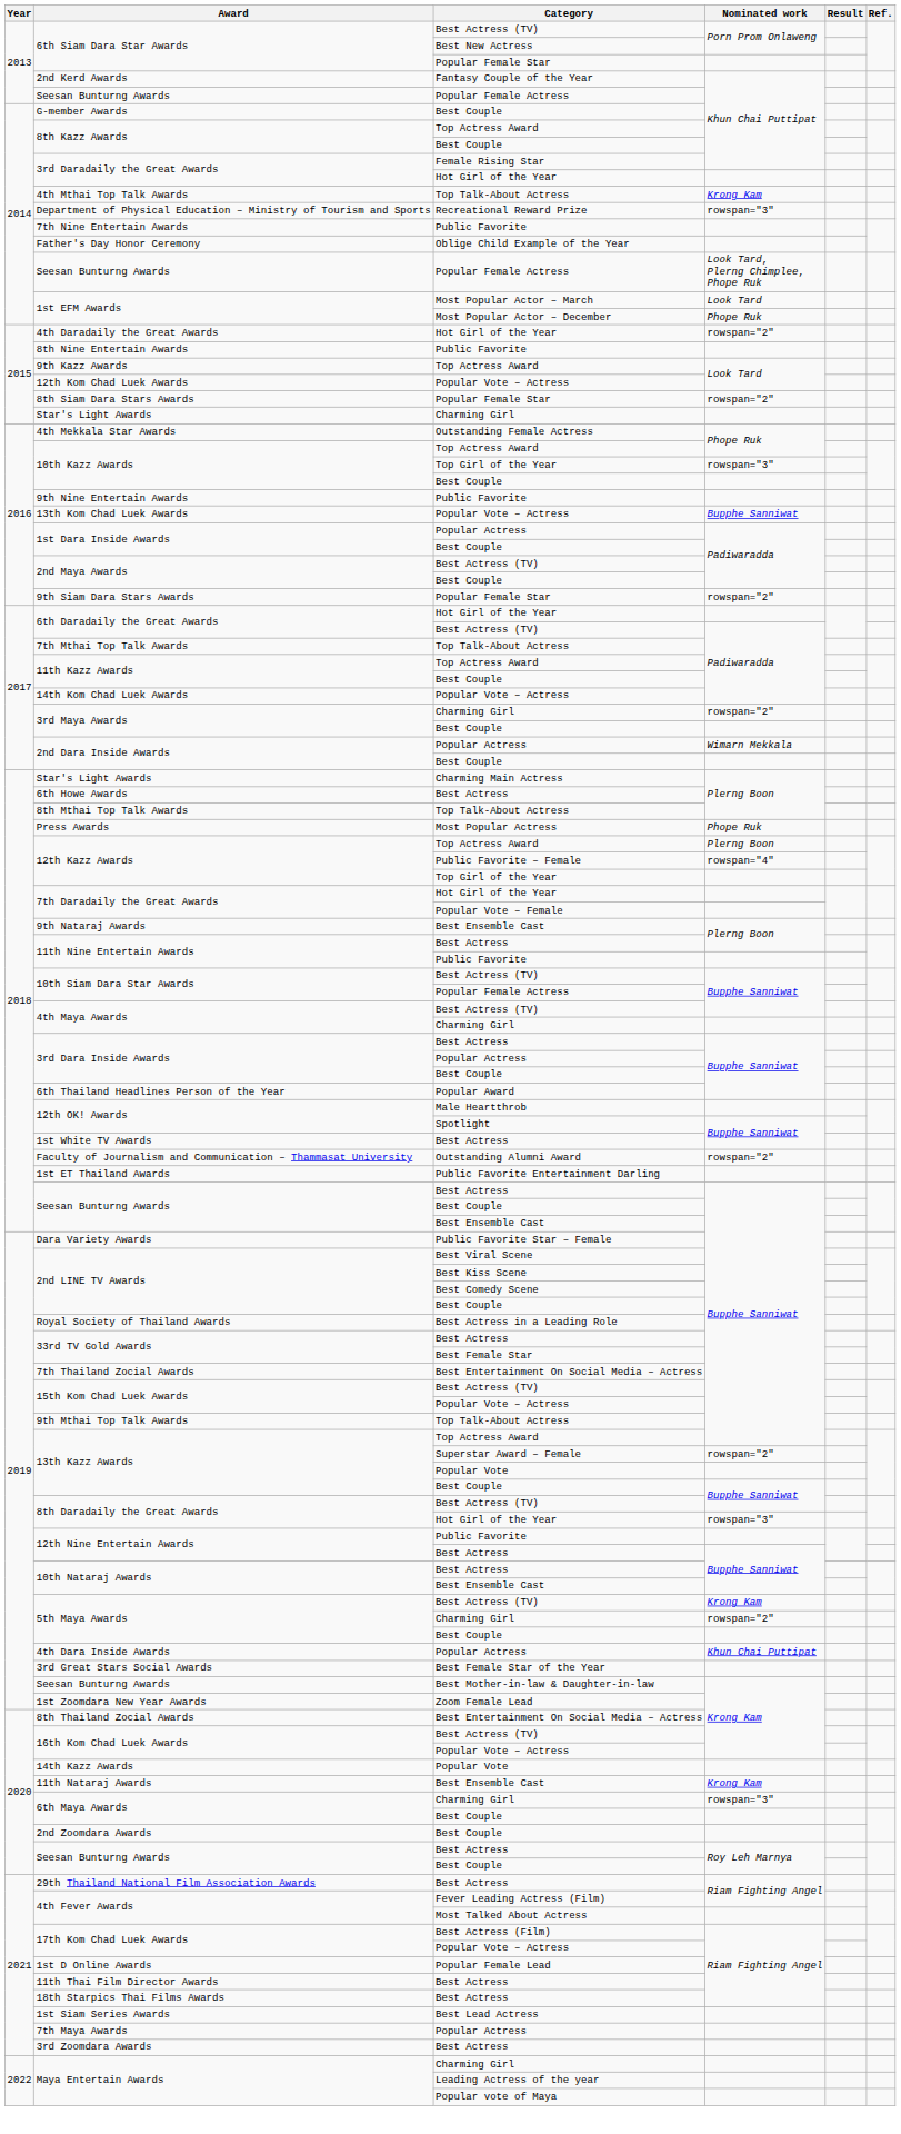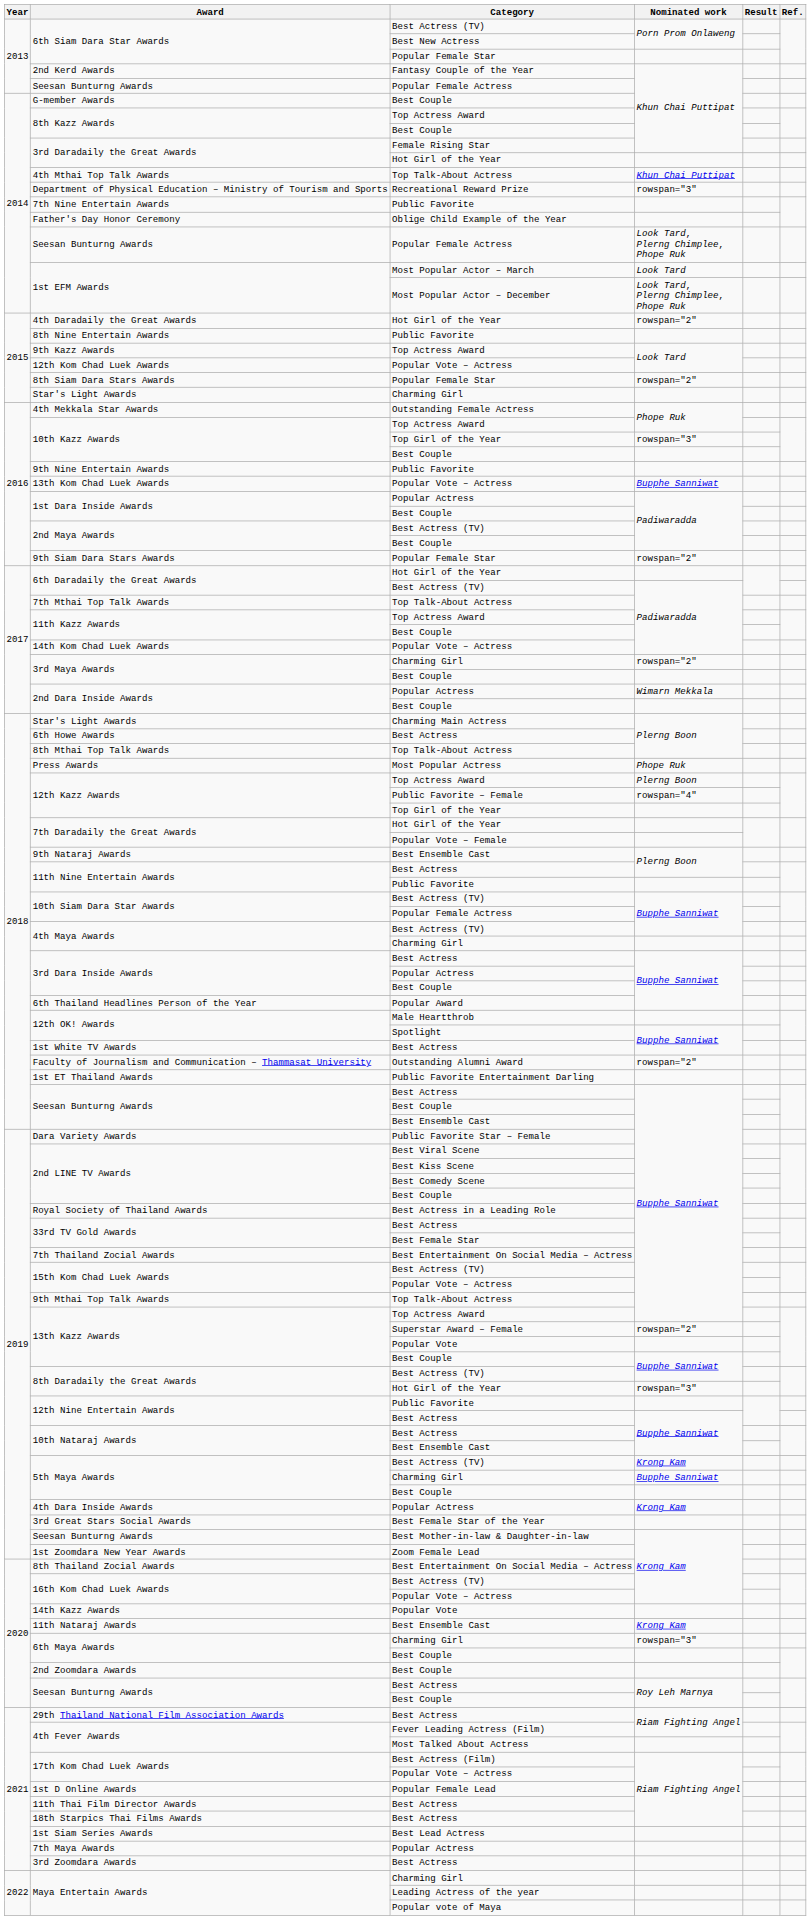 <table class="wikitable">
 <tr>
 <th>Year</th>
 <th>Award</th>
 <th>Category</th>
 <th>Nominated work</th>
 <th>Result</th>
 <th>Ref.</th>
 </tr>
 <tr>
 <td rowspan="5">2013</td>
 <td rowspan="3">6th Siam Dara Star Awards</td>
 <td>Best Actress (TV)</td>
 <td rowspan="2"><em>Porn Prom Onlaweng</em></td>
 <td></td>
 <td rowspan="3"></td>
 </tr>
 <tr>
 <td>Best New Actress</td>
 <td></td>
 </tr>
 <tr>
 <td>Popular Female Star</td>
 <td></td>
 <td></td>
 </tr>
 <tr>
 <td>2nd Kerd Awards</td>
 <td>Fantasy Couple of the Year </td>
 <td rowspan="6"><em>Khun Chai Puttipat</em></td>
 <td></td>
 <td></td>
 </tr>
 <tr>
 <td>Seesan Bunturng Awards</td>
 <td>Popular Female Actress</td>
 <td></td>
 <td></td>
 </tr>
 <tr>
 <td rowspan="12">2014</td>
 <td>G-member Awards</td>
 <td>Best Couple </td>
 <td></td>
 <td></td>
 </tr>
 <tr>
 <td rowspan="2">8th Kazz Awards</td>
 <td>Top Actress Award</td>
 <td></td>
 <td rowspan="2"></td>
 </tr>
 <tr>
 <td>Best Couple </td>
 <td></td>
 </tr>
 <tr>
 <td rowspan="2">3rd Daradaily the Great Awards</td>
 <td>Female Rising Star</td>
 <td></td>
 <td></td>
 </tr>
 <tr>
 <td>Hot Girl of the Year</td>
 <td></td>
 <td></td>
 <td></td>
 </tr>
 <tr>
 <td>4th Mthai Top Talk Awards</td>
 <td>Top Talk-About Actress</td>
-<td><em><a href='#'>Krong Kam</a></em></td>
+<td><em><a href='#'>Khun Chai Puttipat</a></em></td>
 <td></td>
 <td></td>
 </tr>
 <tr>
 <td>Department of Physical Education – Ministry of Tourism and Sports</td>
 <td>Recreational Reward Prize</td>
 <td>rowspan="3" </td>
 <td></td>
 <td></td>
 </tr>
 <tr>
 <td>7th Nine Entertain Awards</td>
 <td>Public Favorite</td>
 <td></td>
 <td></td>
 </tr>
 <tr>
 <td>Father's Day Honor Ceremony</td>
 <td>Oblige Child Example of the Year</td>
 <td></td>
 <td></td>
 </tr>
 <tr>
 <td>Seesan Bunturng Awards</td>
 <td>Popular Female Actress</td>
 <td><em>Look Tard</em>, <br><em>Plerng Chimplee</em>, <br><em>Phope Ruk</em></td>
 <td></td>
 <td></td>
 </tr>
 <tr>
 <td rowspan="2">1st EFM Awards</td>
 <td>Most Popular Actor – March</td>
 <td><em>Look Tard</em></td>
 <td></td>
 <td></td>
 </tr>
 <tr>
 <td>Most Popular Actor – December</td>
-<td><em>Phope Ruk</em></td>
+<td><em>Look Tard</em>, <br><em>Plerng Chimplee</em>, <br><em>Phope Ruk</em></td>
 <td></td>
 <td></td>
 </tr>
 <tr>
 <td rowspan="6">2015</td>
 <td>4th Daradaily the Great Awards</td>
 <td>Hot Girl of the Year</td>
 <td>rowspan="2" </td>
 <td></td>
 <td></td>
 </tr>
 <tr>
 <td>8th Nine Entertain Awards</td>
 <td>Public Favorite</td>
 <td></td>
 <td></td>
 </tr>
 <tr>
 <td>9th Kazz Awards</td>
 <td>Top Actress Award</td>
 <td rowspan="2"><em>Look Tard</em></td>
 <td></td>
 <td></td>
 </tr>
 <tr>
 <td>12th Kom Chad Luek Awards</td>
 <td>Popular Vote – Actress</td>
 <td></td>
 <td></td>
 </tr>
 <tr>
 <td>8th Siam Dara Stars Awards</td>
 <td>Popular Female Star</td>
 <td>rowspan="2" </td>
 <td></td>
 <td></td>
 </tr>
 <tr>
 <td>Star's Light Awards</td>
 <td>Charming Girl</td>
 <td></td>
 <td></td>
 </tr>
 <tr>
 <td rowspan="11">2016</td>
 <td>4th Mekkala Star Awards</td>
 <td>Outstanding Female Actress</td>
 <td rowspan="2"><em>Phope Ruk</em></td>
 <td></td>
 <td></td>
 </tr>
 <tr>
 <td rowspan="3">10th Kazz Awards</td>
 <td>Top Actress Award</td>
 <td></td>
 <td rowspan="3"></td>
 </tr>
 <tr>
 <td>Top Girl of the Year</td>
 <td>rowspan="3" </td>
 <td></td>
 </tr>
 <tr>
 <td>Best Couple </td>
 <td></td>
 </tr>
 <tr>
 <td>9th Nine Entertain Awards</td>
 <td>Public Favorite</td>
 <td></td>
 <td></td>
 </tr>
 <tr>
 <td>13th Kom Chad Luek Awards</td>
 <td>Popular Vote – Actress</td>
 <td><a href='#'><em>Bupphe Sanniwat</em></a></td>
 <td></td>
 <td></td>
 </tr>
 <tr>
 <td rowspan="2">1st Dara Inside Awards</td>
 <td>Popular Actress</td>
 <td rowspan="4"><em>Padiwaradda</em></td>
 <td></td>
 <td></td>
 </tr>
 <tr>
 <td>Best Couple </td>
 <td></td>
 <td></td>
 </tr>
 <tr>
 <td rowspan="2">2nd Maya Awards</td>
 <td>Best Actress (TV)</td>
 <td></td>
 <td></td>
 </tr>
 <tr>
 <td>Best Couple </td>
 <td></td>
 <td></td>
 </tr>
 <tr>
 <td>9th Siam Dara Stars Awards</td>
 <td>Popular Female Star</td>
 <td>rowspan="2" </td>
 <td></td>
 <td></td>
 </tr>
 <tr>
 <td rowspan="10">2017</td>
 <td rowspan="2">6th Daradaily the Great Awards</td>
 <td>Hot Girl of the Year</td>
 <td></td>
 <td rowspan="2"></td>
 </tr>
 <tr>
 <td>Best Actress (TV)</td>
 <td rowspan="5"><em>Padiwaradda</em></td>
 <td></td>
 </tr>
 <tr>
 <td>7th Mthai Top Talk Awards</td>
 <td>Top Talk-About Actress</td>
 <td></td>
 <td></td>
 </tr>
 <tr>
 <td rowspan="2">11th Kazz Awards</td>
 <td>Top Actress Award</td>
 <td></td>
 <td rowspan="2"></td>
 </tr>
 <tr>
 <td>Best Couple </td>
 <td></td>
 </tr>
 <tr>
 <td>14th Kom Chad Luek Awards</td>
 <td>Popular Vote – Actress</td>
 <td></td>
 <td></td>
 </tr>
 <tr>
 <td rowspan="2">3rd Maya Awards</td>
 <td>Charming Girl</td>
 <td>rowspan="2" </td>
 <td></td>
 <td></td>
 </tr>
 <tr>
 <td>Best Couple </td>
 <td></td>
 <td></td>
 </tr>
 <tr>
 <td rowspan="2">2nd Dara Inside Awards</td>
 <td>Popular Actress</td>
 <td><em>Wimarn Mekkala</em></td>
 <td></td>
 <td></td>
 </tr>
 <tr>
 <td>Best Couple </td>
 <td></td>
 <td></td>
 <td></td>
 </tr>
 <tr>
 <td rowspan="28">2018</td>
 <td>Star's Light Awards</td>
 <td>Charming Main Actress</td>
 <td rowspan="3"><em>Plerng Boon</em></td>
 <td></td>
 <td></td>
 </tr>
 <tr>
 <td>6th Howe Awards</td>
 <td>Best Actress</td>
 <td></td>
 <td></td>
 </tr>
 <tr>
 <td>8th Mthai Top Talk Awards</td>
 <td>Top Talk-About Actress</td>
 <td></td>
 <td></td>
 </tr>
 <tr>
 <td>Press Awards</td>
 <td>Most Popular Actress</td>
 <td><em>Phope Ruk</em></td>
 <td></td>
 <td></td>
 </tr>
 <tr>
 <td rowspan="3">12th Kazz Awards</td>
 <td>Top Actress Award</td>
 <td><em>Plerng Boon</em></td>
 <td></td>
 <td rowspan="3"></td>
 </tr>
 <tr>
 <td>Public Favorite – Female</td>
 <td>rowspan="4" </td>
 <td></td>
 </tr>
 <tr>
 <td>Top Girl of the Year</td>
 <td></td>
 </tr>
 <tr>
 <td rowspan="2">7th Daradaily the Great Awards</td>
 <td>Hot Girl of the Year</td>
 <td></td>
 <td rowspan="2"></td>
 </tr>
 <tr>
 <td>Popular Vote – Female</td>
 <td></td>
 </tr>
 <tr>
 <td>9th Nataraj Awards</td>
 <td>Best Ensemble Cast</td>
 <td rowspan="2"><em>Plerng Boon</em></td>
 <td></td>
 <td></td>
 </tr>
 <tr>
 <td rowspan="2">11th Nine Entertain Awards</td>
 <td>Best Actress</td>
 <td></td>
 <td rowspan="2"></td>
 </tr>
 <tr>
 <td>Public Favorite</td>
 <td></td>
 <td></td>
 </tr>
 <tr>
 <td rowspan="2">10th Siam Dara Star Awards</td>
 <td>Best Actress (TV)</td>
 <td rowspan="3"><a href='#'><em>Bupphe Sanniwat</em></a></td>
 <td></td>
 <td rowspan="2"></td>
 </tr>
 <tr>
 <td>Popular Female Actress</td>
 <td></td>
 </tr>
 <tr>
 <td rowspan="2">4th Maya Awards</td>
 <td>Best Actress (TV)</td>
 <td></td>
 <td></td>
 </tr>
 <tr>
 <td>Charming Girl</td>
 <td></td>
 <td></td>
 <td></td>
 </tr>
 <tr>
 <td rowspan="3">3rd Dara Inside Awards</td>
 <td>Best Actress</td>
 <td rowspan="4"><a href='#'><em>Bupphe Sanniwat</em></a></td>
 <td></td>
 <td></td>
 </tr>
 <tr>
 <td>Popular Actress</td>
 <td></td>
 <td></td>
 </tr>
 <tr>
 <td>Best Couple </td>
 <td></td>
 <td></td>
 </tr>
 <tr>
 <td>6th Thailand Headlines Person of the Year</td>
 <td>Popular Award </td>
 <td></td>
 <td></td>
 </tr>
 <tr>
 <td rowspan="2">12th OK! Awards</td>
 <td>Male Heartthrob</td>
 <td></td>
 <td></td>
 <td rowspan="2"></td>
 </tr>
 <tr>
 <td>Spotlight</td>
 <td rowspan="2"><a href='#'><em>Bupphe Sanniwat</em></a></td>
 <td></td>
 </tr>
 <tr>
 <td>1st White TV Awards</td>
 <td>Best Actress</td>
 <td></td>
 <td></td>
 </tr>
 <tr>
 <td>Faculty of Journalism and Communication – <a href='#'>Thammasat University</a></td>
 <td>Outstanding Alumni Award</td>
 <td>rowspan="2" </td>
 <td></td>
 <td></td>
 </tr>
 <tr>
 <td>1st ET Thailand Awards</td>
 <td>Public Favorite Entertainment Darling</td>
 <td></td>
 <td></td>
 </tr>
 <tr>
 <td rowspan="3">Seesan Bunturng Awards</td>
 <td>Best Actress</td>
 <td rowspan="16"><a href='#'><em>Bupphe Sanniwat</em></a></td>
 <td></td>
 <td rowspan="3"></td>
 </tr>
 <tr>
 <td>Best Couple </td>
 <td></td>
 </tr>
 <tr>
 <td>Best Ensemble Cast</td>
 <td></td>
 </tr>
 <tr>
 <td rowspan="29">2019</td>
 <td>Dara Variety Awards</td>
 <td>Public Favorite Star – Female</td>
 <td></td>
 <td></td>
 </tr>
 <tr>
 <td rowspan="4">2nd LINE TV Awards</td>
 <td>Best Viral Scene</td>
 <td></td>
 <td rowspan="4"></td>
 </tr>
 <tr>
 <td>Best Kiss Scene </td>
 <td></td>
 </tr>
 <tr>
 <td>Best Comedy Scene</td>
 <td></td>
 </tr>
 <tr>
 <td>Best Couple </td>
 <td></td>
 </tr>
 <tr>
 <td>Royal Society of Thailand Awards</td>
 <td>Best Actress in a Leading Role</td>
 <td></td>
 <td></td>
 </tr>
 <tr>
 <td rowspan="2">33rd TV Gold Awards</td>
 <td>Best Actress</td>
 <td></td>
 <td rowspan="2"></td>
 </tr>
 <tr>
 <td>Best Female Star</td>
 <td></td>
 </tr>
 <tr>
 <td>7th Thailand Zocial Awards</td>
 <td>Best Entertainment On Social Media – Actress</td>
 <td></td>
 <td></td>
 </tr>
 <tr>
 <td rowspan="2">15th Kom Chad Luek Awards</td>
 <td>Best Actress (TV)</td>
 <td></td>
 <td rowspan="2"></td>
 </tr>
 <tr>
 <td>Popular Vote – Actress</td>
 <td></td>
 </tr>
 <tr>
 <td>9th Mthai Top Talk Awards</td>
 <td>Top Talk-About Actress</td>
 <td></td>
 <td></td>
 </tr>
 <tr>
 <td rowspan="4">13th Kazz Awards</td>
 <td>Top Actress Award</td>
 <td></td>
 <td rowspan="4"></td>
 </tr>
 <tr>
 <td>Superstar Award – Female</td>
 <td>rowspan="2" </td>
 <td></td>
 </tr>
 <tr>
 <td>Popular Vote</td>
 <td></td>
 </tr>
 <tr>
 <td>Best Couple </td>
 <td rowspan="2"><a href='#'><em>Bupphe Sanniwat</em></a></td>
 <td></td>
 </tr>
 <tr>
 <td rowspan="2">8th Daradaily the Great Awards</td>
 <td>Best Actress (TV)</td>
 <td></td>
 <td rowspan="2"></td>
 </tr>
 <tr>
 <td>Hot Girl of the Year</td>
 <td>rowspan="3" </td>
 <td></td>
 </tr>
 <tr>
 <td rowspan="2">12th Nine Entertain Awards</td>
 <td>Public Favorite</td>
 <td></td>
 <td rowspan="2"></td>
 </tr>
 <tr>
 <td>Best Actress</td>
 <td rowspan="3"><a href='#'><em>Bupphe Sanniwat</em></a></td>
 <td></td>
 </tr>
 <tr>
 <td rowspan="2">10th Nataraj Awards</td>
 <td>Best Actress</td>
 <td></td>
 <td rowspan="2"></td>
 </tr>
 <tr>
 <td>Best Ensemble Cast</td>
 <td></td>
 </tr>
 <tr>
 <td rowspan="3">5th Maya Awards</td>
 <td>Best Actress (TV)</td>
 <td><em><a href='#'>Krong Kam</a></em></td>
 <td></td>
 <td></td>
 </tr>
 <tr>
 <td>Charming Girl</td>
-<td>rowspan="2" </td>
+<td><a href='#'><em>Bupphe Sanniwat</em></a></td>
 <td></td>
 <td></td>
 </tr>
 <tr>
 <td>Best Couple </td>
 <td></td>
 <td></td>
 </tr>
 <tr>
 <td>4th Dara Inside Awards</td>
 <td>Popular Actress</td>
-<td><em><a href='#'>Khun Chai Puttipat</a></em></td>
+<td><em><a href='#'>Krong Kam</a></em></td>
 <td></td>
 <td></td>
 </tr>
 <tr>
 <td>3rd Great Stars Social Awards</td>
 <td>Best Female Star of the Year</td>
 <td></td>
 <td></td>
 <td></td>
 </tr>
 <tr>
 <td>Seesan Bunturng Awards</td>
 <td>Best Mother-in-law & Daughter-in-law </td>
 <td rowspan="5"><em><a href='#'>Krong Kam</a></em></td>
 <td></td>
 <td></td>
 </tr>
 <tr>
 <td>1st Zoomdara New Year Awards</td>
 <td>Zoom Female Lead</td>
 <td></td>
 <td></td>
 </tr>
 <tr>
 <td rowspan="10">2020</td>
 <td>8th Thailand Zocial Awards</td>
 <td>Best Entertainment On Social Media – Actress</td>
 <td></td>
 <td></td>
 </tr>
 <tr>
 <td rowspan="2">16th Kom Chad Luek Awards</td>
 <td>Best Actress (TV)</td>
 <td></td>
 <td rowspan="2"></td>
 </tr>
 <tr>
 <td>Popular Vote – Actress</td>
 <td></td>
 </tr>
 <tr>
 <td>14th Kazz Awards</td>
 <td>Popular Vote</td>
 <td></td>
 <td></td>
 <td></td>
 </tr>
 <tr>
 <td>11th Nataraj Awards</td>
 <td>Best Ensemble Cast</td>
 <td><em><a href='#'>Krong Kam</a></em></td>
 <td></td>
 <td></td>
 </tr>
 <tr>
 <td rowspan="2">6th Maya Awards</td>
 <td>Charming Girl</td>
 <td>rowspan="3" </td>
 <td></td>
 <td></td>
 </tr>
 <tr>
 <td>Best Couple </td>
 <td></td>
 <td></td>
 </tr>
 <tr>
 <td>2nd Zoomdara Awards</td>
 <td>Best Couple </td>
 <td></td>
 <td></td>
 </tr>
 <tr>
 <td rowspan="2">Seesan Bunturng Awards</td>
 <td>Best Actress</td>
 <td rowspan="2"><em>Roy Leh Marnya</em></td>
 <td></td>
 <td rowspan="2"></td>
 </tr>
 <tr>
 <td>Best Couple </td>
 <td></td>
 </tr>
 <tr>
 <td rowspan="11">2021</td>
 <td>29th <a href='#'>Thailand National Film Association Awards</a></td>
 <td>Best Actress</td>
 <td rowspan="2"><em>Riam Fighting Angel</em></td>
 <td></td>
 <td></td>
 </tr>
 <tr>
 <td rowspan="2">4th Fever Awards</td>
 <td>Fever Leading Actress (Film)</td>
 <td></td>
 <td rowspan="2"></td>
 </tr>
 <tr>
 <td>Most Talked About Actress</td>
 <td></td>
 <td></td>
 </tr>
 <tr>
 <td rowspan="2">17th Kom Chad Luek Awards</td>
 <td>Best Actress (Film)</td>
 <td rowspan="5"><em>Riam Fighting Angel</em></td>
 <td></td>
 <td rowspan="2"></td>
 </tr>
 <tr>
 <td>Popular Vote – Actress</td>
 <td></td>
 </tr>
 <tr>
 <td>1st D Online Awards</td>
 <td>Popular Female Lead</td>
 <td></td>
 <td></td>
 </tr>
 <tr>
 <td>11th Thai Film Director Awards</td>
 <td>Best Actress</td>
 <td></td>
 <td></td>
 </tr>
 <tr>
 <td>18th Starpics Thai Films Awards</td>
 <td>Best Actress</td>
 <td></td>
 <td></td>
 </tr>
 <tr>
 <td>1st Siam Series Awards</td>
 <td>Best Lead Actress</td>
 <td></td>
 <td></td>
 <td></td>
 </tr>
 <tr>
 <td>7th Maya Awards</td>
 <td>Popular Actress</td>
 <td></td>
 <td></td>
 <td></td>
 </tr>
 <tr>
 <td>3rd Zoomdara Awards</td>
 <td>Best Actress</td>
 <td></td>
 <td></td>
 <td></td>
 </tr>
 <tr>
 <td rowspan="3">2022</td>
 <td rowspan="3">Maya Entertain Awards</td>
 <td>Charming Girl</td>
 <td></td>
 <td></td>
 <td></td>
 </tr>
 <tr>
 <td>Leading Actress of the year</td>
 <td></td>
 <td></td>
 <td></td>
 </tr>
 <tr>
 <td>Popular vote of Maya</td>
 <td></td>
 <td></td>
 <td></td>
 </tr>
 </table>
